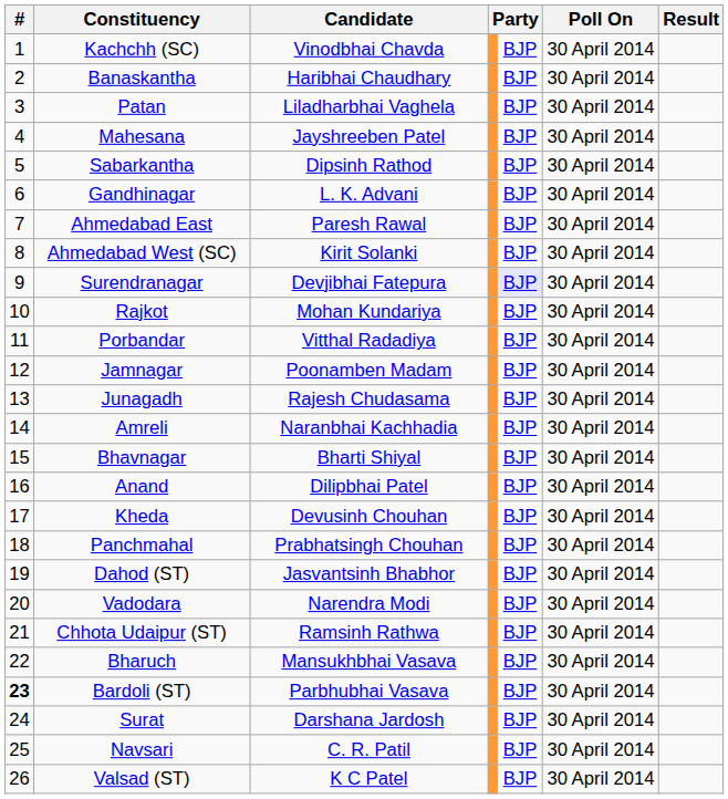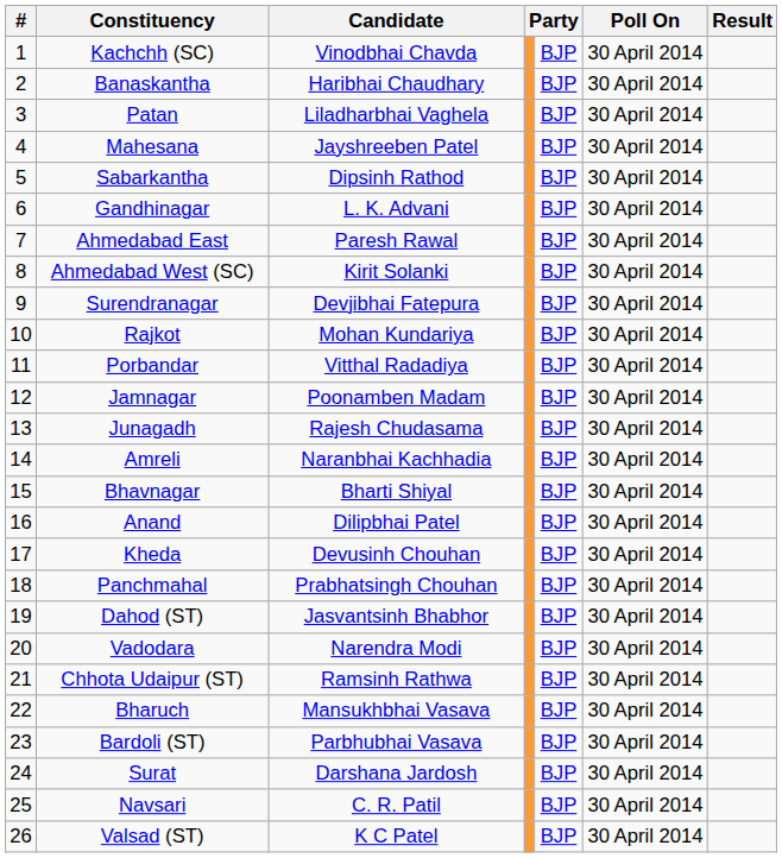 <table class="wikitable sortable" style="text-align:center;">
 <tr>
 <th>#</th>
 <th style="width:180px;">Constituency</th>
 <th style="width:200px;">Candidate</th>
 <th colspan="2">Party</th>
 <th>Poll On</th>
 <th>Result</th>
 </tr>
 <tr>
 <td style="text-align:center;">1</td>
 <td><a href='#'>Kachchh</a> (SC)</td>
 <td><a href='#'>Vinodbhai Chavda</a></td>
 <td bgcolor=#FF9933></td>
 <td><a href='#'>BJP</a></td>
 <td>30 April 2014</td>
 <td></td>
 </tr>
 <tr>
 <td style="text-align:center;">2</td>
 <td><a href='#'>Banaskantha</a></td>
 <td><a href='#'>Haribhai Chaudhary</a></td>
 <td bgcolor=#FF9933></td>
 <td><a href='#'>BJP</a></td>
 <td>30 April 2014</td>
 <td></td>
 </tr>
 <tr>
 <td style="text-align:center;">3</td>
 <td><a href='#'>Patan</a></td>
 <td><a href='#'>Liladharbhai Vaghela</a></td>
 <td bgcolor=#FF9933></td>
 <td><a href='#'>BJP</a></td>
 <td>30 April 2014</td>
 <td></td>
 </tr>
 <tr>
 <td style="text-align:center;">4</td>
 <td><a href='#'>Mahesana</a></td>
 <td><a href='#'>Jayshreeben Patel</a></td>
 <td bgcolor=#FF9933></td>
 <td><a href='#'>BJP</a></td>
 <td>30 April 2014</td>
 <td></td>
 </tr>
 <tr>
 <td style="text-align:center;">5</td>
 <td><a href='#'>Sabarkantha</a></td>
 <td><a href='#'>Dipsinh Rathod</a></td>
 <td bgcolor=#FF9933></td>
 <td><a href='#'>BJP</a></td>
 <td>30 April 2014</td>
 <td></td>
 </tr>
 <tr>
 <td style="text-align:center;">6</td>
 <td><a href='#'>Gandhinagar</a></td>
 <td><a href='#'>L. K. Advani</a></td>
 <td bgcolor=#FF9933></td>
 <td><a href='#'>BJP</a></td>
 <td>30 April 2014</td>
 <td></td>
 </tr>
 <tr>
 <td style="text-align:center;">7</td>
 <td><a href='#'>Ahmedabad East</a></td>
 <td><a href='#'>Paresh Rawal</a></td>
 <td bgcolor=#FF9933></td>
 <td><a href='#'>BJP</a></td>
 <td>30 April 2014</td>
 <td></td>
 </tr>
 <tr>
 <td style="text-align:center;">8</td>
 <td><a href='#'>Ahmedabad West</a> (SC)</td>
 <td><a href='#'>Kirit Solanki</a></td>
 <td bgcolor=#FF9933></td>
 <td><a href='#'>BJP</a></td>
 <td>30 April 2014</td>
 <td></td>
 </tr>
 <tr>
 <td style="text-align:center;">9</td>
 <td><a href='#'>Surendranagar</a></td>
 <td><a href='#'>Devjibhai Fatepura</a></td>
 <td bgcolor=#FF9933></td>
-<td style="background: lavender;"><a href='#'>BJP</a></td>
+<td><a href='#'>BJP</a></td>
 <td>30 April 2014</td>
 <td></td>
 </tr>
 <tr>
 <td style="text-align:center;">10</td>
 <td><a href='#'>Rajkot</a></td>
 <td><a href='#'>Mohan Kundariya</a></td>
 <td bgcolor=#FF9933></td>
 <td><a href='#'>BJP</a></td>
 <td>30 April 2014</td>
 <td></td>
 </tr>
 <tr>
 <td style="text-align:center;">11</td>
 <td><a href='#'>Porbandar</a></td>
 <td><a href='#'>Vitthal Radadiya</a></td>
 <td bgcolor=#FF9933></td>
 <td><a href='#'>BJP</a></td>
 <td>30 April 2014</td>
 <td></td>
 </tr>
 <tr>
 <td style="text-align:center;">12</td>
 <td><a href='#'>Jamnagar</a></td>
 <td><a href='#'>Poonamben Madam</a></td>
 <td bgcolor=#FF9933></td>
 <td><a href='#'>BJP</a></td>
 <td>30 April 2014</td>
 <td></td>
 </tr>
 <tr>
 <td style="text-align:center;">13</td>
 <td><a href='#'>Junagadh</a></td>
 <td><a href='#'>Rajesh Chudasama</a></td>
 <td bgcolor=#FF9933></td>
 <td><a href='#'>BJP</a></td>
 <td>30 April 2014</td>
 <td></td>
 </tr>
 <tr>
 <td style="text-align:center;">14</td>
 <td><a href='#'>Amreli</a></td>
 <td><a href='#'>Naranbhai Kachhadia</a></td>
 <td bgcolor=#FF9933></td>
 <td><a href='#'>BJP</a></td>
 <td>30 April 2014</td>
 <td></td>
 </tr>
 <tr>
 <td style="text-align:center;">15</td>
 <td><a href='#'>Bhavnagar</a></td>
 <td><a href='#'>Bharti Shiyal</a></td>
 <td bgcolor=#FF9933></td>
 <td><a href='#'>BJP</a></td>
 <td>30 April 2014</td>
 <td></td>
 </tr>
 <tr>
 <td style="text-align:center;">16</td>
 <td><a href='#'>Anand</a></td>
 <td><a href='#'>Dilipbhai Patel</a></td>
 <td bgcolor=#FF9933></td>
 <td><a href='#'>BJP</a></td>
 <td>30 April 2014</td>
 <td></td>
 </tr>
 <tr>
 <td style="text-align:center;">17</td>
 <td><a href='#'>Kheda</a></td>
 <td><a href='#'>Devusinh Chouhan</a></td>
 <td bgcolor=#FF9933></td>
 <td><a href='#'>BJP</a></td>
 <td>30 April 2014</td>
 <td></td>
 </tr>
 <tr>
 <td style="text-align:center;">18</td>
 <td><a href='#'>Panchmahal</a></td>
 <td><a href='#'>Prabhatsingh Chouhan</a></td>
 <td bgcolor=#FF9933></td>
 <td><a href='#'>BJP</a></td>
 <td>30 April 2014</td>
 <td></td>
 </tr>
 <tr>
 <td style="text-align:center;">19</td>
 <td><a href='#'>Dahod</a> (ST)</td>
 <td><a href='#'>Jasvantsinh Bhabhor</a></td>
 <td bgcolor=#FF9933></td>
 <td><a href='#'>BJP</a></td>
 <td>30 April 2014</td>
 <td></td>
 </tr>
 <tr>
 <td style="text-align:center;">20</td>
 <td><a href='#'>Vadodara</a></td>
 <td><a href='#'>Narendra Modi</a></td>
 <td bgcolor=#FF9933></td>
 <td><a href='#'>BJP</a></td>
 <td>30 April 2014</td>
 <td></td>
 </tr>
 <tr>
 <td style="text-align:center;">21</td>
 <td><a href='#'>Chhota Udaipur</a> (ST)</td>
 <td><a href='#'>Ramsinh Rathwa</a></td>
 <td bgcolor=#FF9933></td>
 <td><a href='#'>BJP</a></td>
 <td>30 April 2014</td>
 <td></td>
 </tr>
 <tr>
 <td style="text-align:center;">22</td>
 <td><a href='#'>Bharuch</a></td>
 <td><a href='#'>Mansukhbhai Vasava</a></td>
 <td bgcolor=#FF9933></td>
 <td><a href='#'>BJP</a></td>
 <td>30 April 2014</td>
 <td></td>
 </tr>
 <tr>
-<td style="text-align:center;"><strong>23</strong></td>
+<td style="text-align:center;">23</td>
 <td><a href='#'>Bardoli</a> (ST)</td>
 <td><a href='#'>Parbhubhai Vasava</a></td>
 <td bgcolor=#FF9933></td>
 <td><a href='#'>BJP</a></td>
 <td>30 April 2014</td>
 <td></td>
 </tr>
 <tr>
 <td style="text-align:center;">24</td>
 <td><a href='#'>Surat</a></td>
 <td><a href='#'>Darshana Jardosh</a></td>
 <td bgcolor=#FF9933></td>
 <td><a href='#'>BJP</a></td>
 <td>30 April 2014</td>
 <td></td>
 </tr>
 <tr>
 <td style="text-align:center;">25</td>
 <td><a href='#'>Navsari</a></td>
 <td><a href='#'>C. R. Patil</a></td>
 <td bgcolor=#FF9933></td>
 <td><a href='#'>BJP</a></td>
 <td>30 April 2014</td>
 <td></td>
 </tr>
 <tr>
 <td style="text-align:center;">26</td>
 <td><a href='#'>Valsad</a> (ST)</td>
 <td><a href='#'>K C Patel</a></td>
 <td bgcolor=#FF9933></td>
 <td><a href='#'>BJP</a></td>
 <td>30 April 2014</td>
 <td></td>
 </tr>
 </table>
